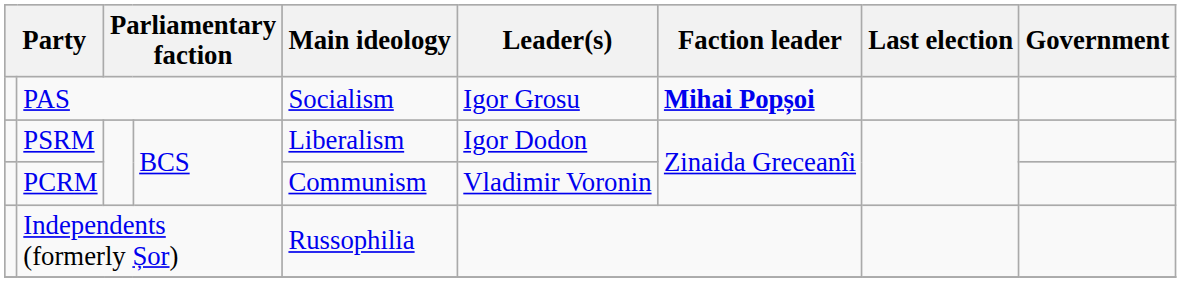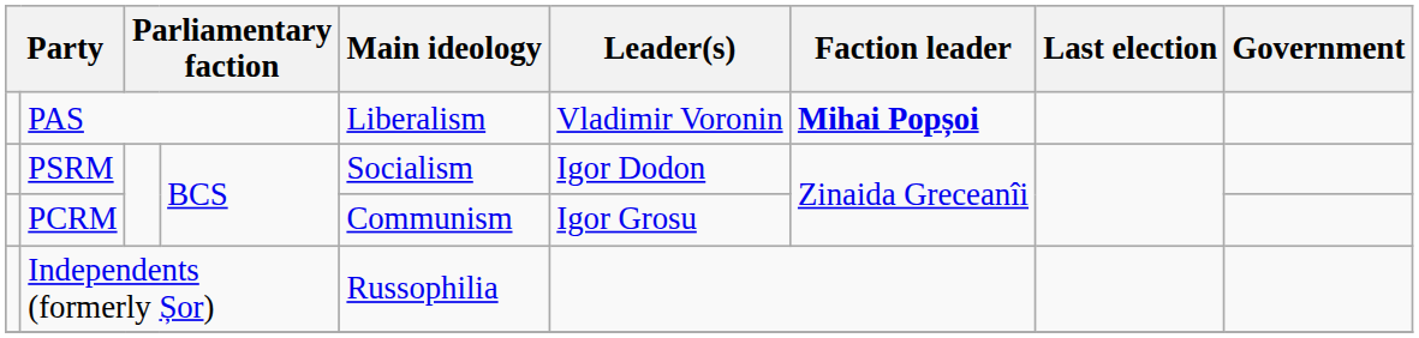 <table class=wikitable>
 <tr>
 <th colspan="2">Party</th>
 <th colspan="2">Parliamentary<br>faction</th>
 <th>Main ideology</th>
 <th>Leader(s)</th>
 <th>Faction leader</th>
 <th>Last election</th>
 <th>Government</th>
 </tr>
 <tr>
 <td style="color:inherit;background:"></td>
 <td colspan="3"><a href='#'>PAS</a></td>
-<td><a href='#'>Socialism</a></td>
-<td><a href='#'>Igor Grosu</a></td>
+<td><a href='#'>Liberalism</a></td>
+<td><a href='#'>Vladimir Voronin</a></td>
 <td><strong><a href='#'>Mihai Popșoi</a></strong></td>
 <td></td>
 <td></td>
 </tr>
 <tr>
 <td style="color:inherit;background:"></td>
 <td><a href='#'>PSRM</a></td>
 <td rowspan="2" bgcolor=></td>
 <td rowspan="2"><a href='#'>BCS</a></td>
-<td><a href='#'>Liberalism</a></td>
+<td><a href='#'>Socialism</a></td>
 <td><a href='#'>Igor Dodon</a></td>
 <td rowspan="2"><a href='#'>Zinaida Greceanîi</a></td>
 <td rowspan="2"></td>
 <td></td>
 </tr>
 <tr>
 <td style="color:inherit;background:"></td>
 <td><a href='#'>PCRM</a></td>
 <td><a href='#'>Communism</a></td>
-<td><a href='#'>Vladimir Voronin</a></td>
+<td><a href='#'>Igor Grosu</a></td>
 <td></td>
 </tr>
 <tr>
 <td style="color:inherit;background:"></td>
 <td colspan="3"><a href='#'>Independents</a><br>(formerly <a href='#'>Șor</a>)</td>
 <td><a href='#'>Russophilia</a></td>
 <td colspan="2"></td>
 <td></td>
 <td></td>
 </tr>
 <tr>
 </tr>
 </table>
